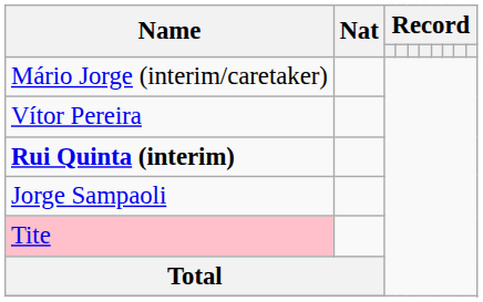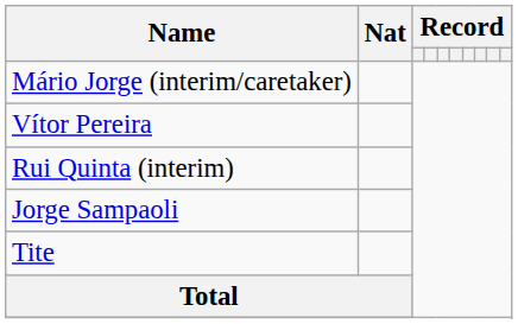 <table class="wikitable sortable">
 <tr>
 <th rowspan="2">Name</th>
 <th rowspan="2">Nat</th>
 <th colspan="8">Record</th>
 </tr>
 <tr>
 <th></th>
 <th></th>
 <th></th>
 <th></th>
 <th></th>
 <th></th>
 <th></th>
 <th></th>
 </tr>
 <tr>
 <td align=left><a href='#'>Mário Jorge</a> (interim/caretaker)</td>
 <td><br></td>
 </tr>
 <tr>
 <td align=left><a href='#'>Vítor Pereira</a></td>
 <td><br></td>
 </tr>
 <tr>
-<td align=left><strong><a href='#'>Rui Quinta</a> (interim)</strong></td>
+<td align=left><a href='#'>Rui Quinta</a> (interim)</td>
 <td><br></td>
 </tr>
 <tr>
 <td align=left><a href='#'>Jorge Sampaoli</a></td>
 <td><br></td>
 </tr>
 <tr>
-<td align=left style="background: pink;"><a href='#'>Tite</a></td>
+<td align=left><a href='#'>Tite</a></td>
 <td><br></td>
 </tr>
 <tr>
 <th colspan="2">Total<br></th>
 </tr>
 <tr>
 </tr>
 </table>
